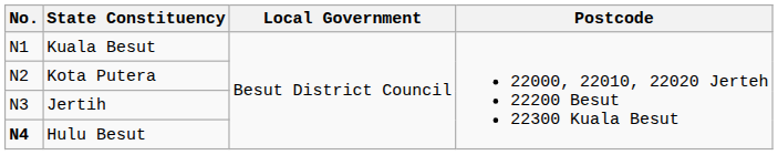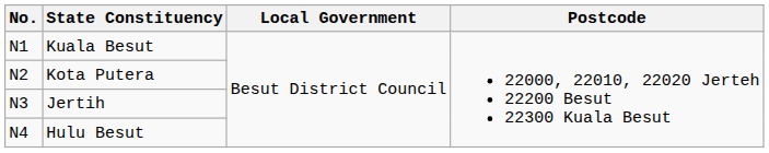 <table class="wikitable">
 <tr>
 <th>No.</th>
 <th>State Constituency</th>
 <th>Local Government</th>
 <th>Postcode</th>
 </tr>
 <tr>
 <td>N1</td>
 <td>Kuala Besut</td>
 <td rowspan="4">Besut District Council</td>
 <td rowspan="4"><br><ul><li>22000, 22010, 22020 Jerteh</li><li>22200 Besut</li><li>22300 Kuala Besut</li></ul></td>
 </tr>
 <tr>
 <td>N2</td>
 <td>Kota Putera</td>
 </tr>
 <tr>
 <td>N3</td>
 <td>Jertih</td>
 </tr>
 <tr>
-<td><strong>N4</strong></td>
+<td>N4</td>
 <td>Hulu Besut</td>
 </tr>
 </table>
